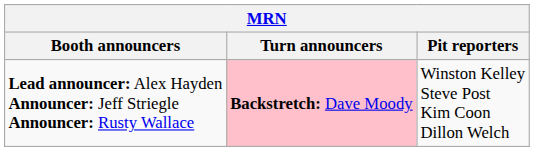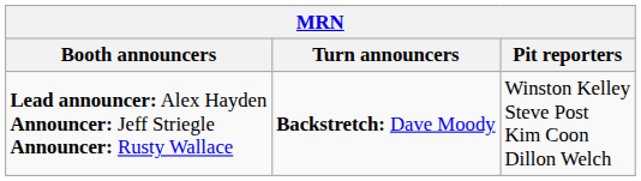 <table class="wikitable" style="font-size: 95%">
 <tr>
 <th colspan="3"><a href='#'>MRN</a></th>
 </tr>
 <tr>
 <th>Booth announcers</th>
 <th>Turn announcers</th>
 <th>Pit reporters</th>
 </tr>
 <tr>
 <td><strong>Lead announcer:</strong> Alex Hayden<br><strong>Announcer:</strong> Jeff Striegle<br><strong>Announcer:</strong> <a href='#'>Rusty Wallace</a></td>
-<td style="background: pink;"><strong>Backstretch:</strong> <a href='#'>Dave Moody</a></td>
+<td><strong>Backstretch:</strong> <a href='#'>Dave Moody</a></td>
 <td>Winston Kelley<br>Steve Post<br>Kim Coon<br>Dillon Welch</td>
 </tr>
 </table>
